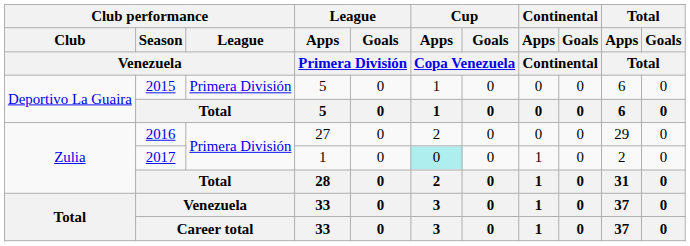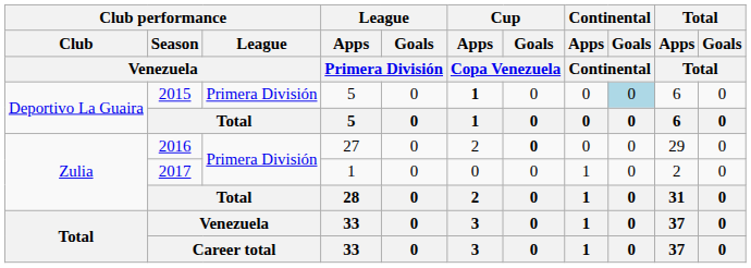 <table class="wikitable" style="text-align:center">
 <tr>
 <th colspan=3>Club performance</th>
 <th colspan=2>League</th>
 <th colspan=2>Cup</th>
 <th colspan=2>Continental</th>
 <th colspan=2>Total</th>
 </tr>
 <tr>
 <th>Club</th>
 <th>Season</th>
 <th>League</th>
 <th>Apps</th>
 <th>Goals</th>
 <th>Apps</th>
 <th>Goals</th>
 <th>Apps</th>
 <th>Goals</th>
 <th>Apps</th>
 <th>Goals</th>
 </tr>
 <tr>
 <th colspan=3>Venezuela</th>
 <th colspan=2><a href='#'>Primera División</a></th>
 <th colspan=2><a href='#'>Copa Venezuela</a></th>
 <th colspan=2>Continental</th>
 <th colspan=2>Total</th>
 </tr>
 <tr>
 <td rowspan="2"><a href='#'>Deportivo La Guaira</a></td>
 <td><a href='#'>2015</a></td>
 <td><a href='#'>Primera División</a></td>
 <td>5</td>
 <td>0</td>
-<td>1</td>
+<td><strong>1</strong></td>
 <td>0</td>
 <td>0</td>
-<td>0</td>
+<td style="background: lightblue;">0</td>
 <td>6</td>
 <td>0</td>
 </tr>
 <tr>
 <th colspan="2">Total</th>
 <th>5</th>
 <th>0</th>
 <th>1</th>
 <th>0</th>
 <th>0</th>
 <th>0</th>
 <th>6</th>
 <th>0</th>
 </tr>
 <tr>
 <td rowspan="3"><a href='#'>Zulia</a></td>
 <td><a href='#'>2016</a></td>
 <td rowspan="2"><a href='#'>Primera División</a></td>
 <td>27</td>
 <td>0</td>
 <td>2</td>
-<td>0</td>
+<td><strong>0</strong></td>
 <td>0</td>
 <td>0</td>
 <td>29</td>
 <td>0</td>
 </tr>
 <tr>
 <td><a href='#'>2017</a></td>
 <td>1</td>
 <td>0</td>
-<td style="background: paleturquoise;">0</td>
+<td>0</td>
 <td>0</td>
 <td>1</td>
 <td>0</td>
 <td>2</td>
 <td>0</td>
 </tr>
 <tr>
 <th colspan="2">Total</th>
 <th>28</th>
 <th>0</th>
 <th>2</th>
 <th>0</th>
 <th>1</th>
 <th>0</th>
 <th>31</th>
 <th>0</th>
 </tr>
 <tr>
 <th rowspan=2>Total</th>
 <th colspan=2>Venezuela</th>
 <th>33</th>
 <th>0</th>
 <th>3</th>
 <th>0</th>
 <th>1</th>
 <th>0</th>
 <th>37</th>
 <th>0</th>
 </tr>
 <tr>
 <th colspan=2>Career total</th>
 <th>33</th>
 <th>0</th>
 <th>3</th>
 <th>0</th>
 <th>1</th>
 <th>0</th>
 <th>37</th>
 <th>0</th>
 </tr>
 </table>
